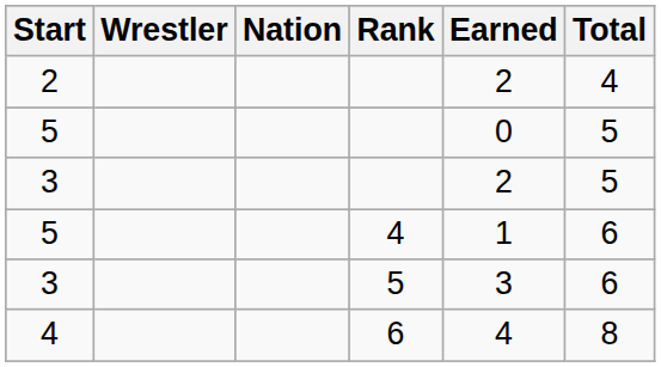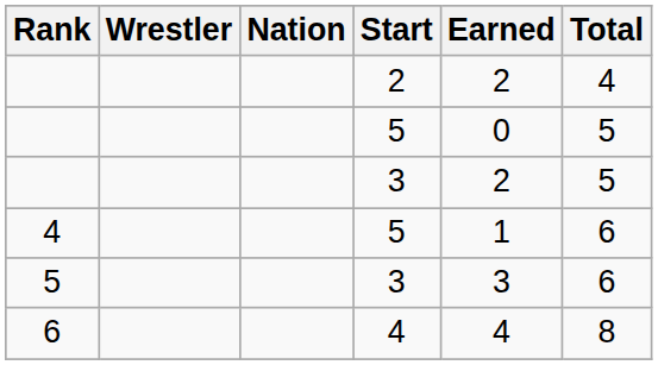 <table class="wikitable sortable" style="text-align:center;">
 <tr>
-<th>Start</th>
+<th>Rank</th>
 <th>Wrestler</th>
 <th>Nation</th>
-<th>Rank</th>
+<th>Start</th>
 <th>Earned</th>
 <th>Total</th>
 </tr>
 <tr>
-<td>2</td>
+<td></td>
 <td align=left></td>
 <td align=left></td>
-<td></td>
+<td>2</td>
 <td>2</td>
 <td>4</td>
+</tr>
+<tr>
+<td></td>
+<td align=left></td>
+<td align=left></td>
+<td>5</td>
+<td>0</td>
+<td>5</td>
+</tr>
+<tr>
+<td></td>
+<td align=left></td>
+<td align=left></td>
+<td>3</td>
+<td>2</td>
+<td>5</td>
+</tr>
+<tr>
+<td>4</td>
+<td align=left></td>
+<td align=left></td>
+<td>5</td>
+<td>1</td>
+<td>6</td>
 </tr>
 <tr>
 <td>5</td>
 <td align=left></td>
 <td align=left></td>
-<td></td>
-<td>0</td>
-<td>5</td>
-</tr>
-<tr>
 <td>3</td>
-<td align=left></td>
-<td align=left></td>
-<td></td>
-<td>2</td>
-<td>5</td>
-</tr>
-<tr>
-<td>5</td>
-<td align=left></td>
-<td align=left></td>
-<td>4</td>
-<td>1</td>
-<td>6</td>
-</tr>
-<tr>
-<td>3</td>
-<td align=left></td>
-<td align=left></td>
-<td>5</td>
 <td>3</td>
 <td>6</td>
 </tr>
 <tr>
-<td>4</td>
+<td>6</td>
 <td align=left></td>
 <td align=left></td>
-<td>6</td>
+<td>4</td>
 <td>4</td>
 <td>8</td>
 </tr>
 </table>
